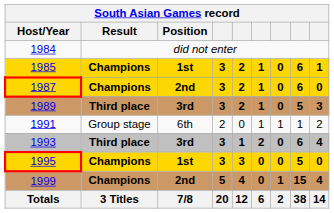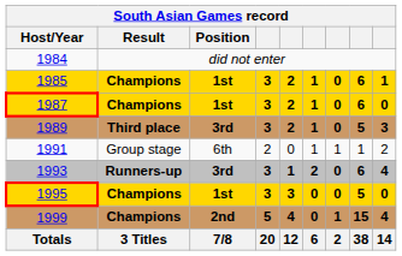 <table class="wikitable" style="text-align:center">
 <tr>
 <th colspan="9"><a href='#'>South Asian Games</a> record</th>
 </tr>
 <tr>
 <th style="width:100px;">Host/Year</th>
 <th style="width:100px;">Result</th>
 <th style="width:70px;">Position</th>
 <th style="width:20px;"></th>
 <th style="width:20px;"></th>
 <th style="width:20px;"></th>
 <th style="width:20px;"></th>
 <th style="width:20px;"></th>
 <th style="width:20px;"></th>
 </tr>
 <tr>
 <td> <a href='#'>1984</a></td>
 <td colspan="8"><em>did not enter</em></td>
 </tr>
 <tr style="background:gold;">
 <td> <a href='#'>1985</a></td>
 <td><strong>Champions</strong></td>
 <td><strong>1st</strong></td>
 <td><strong>3</strong></td>
 <td><strong>2</strong></td>
 <td><strong>1</strong></td>
 <td><strong>0</strong></td>
 <td><strong>6</strong></td>
 <td><strong>1</strong></td>
 </tr>
 <tr style="background:gold;">
 <td style="border:3px solid red"> <a href='#'>1987</a></td>
 <td><strong>Champions</strong></td>
-<td><strong>2nd</strong></td>
+<td><strong>1st</strong></td>
 <td><strong>3</strong></td>
 <td><strong>2</strong></td>
 <td><strong>1</strong></td>
 <td><strong>0</strong></td>
 <td><strong>6</strong></td>
 <td><strong>0</strong></td>
 </tr>
 <tr style="background:#c96">
 <td> <a href='#'>1989</a></td>
 <td><strong>Third place</strong></td>
 <td><strong>3rd</strong></td>
 <td><strong>3</strong></td>
 <td><strong>2</strong></td>
 <td><strong>1</strong></td>
 <td><strong>0</strong></td>
 <td><strong>5</strong></td>
 <td><strong>3</strong></td>
 </tr>
 <tr>
 <td> <a href='#'>1991</a></td>
 <td>Group stage</td>
 <td>6th</td>
 <td>2</td>
 <td>0</td>
 <td>1</td>
 <td>1</td>
 <td>1</td>
 <td>2</td>
 </tr>
 <tr style="background:silver;">
 <td> <a href='#'>1993</a></td>
-<td><strong>Third place</strong></td>
+<td><strong>Runners-up</strong></td>
 <td><strong>3rd</strong></td>
 <td><strong>3</strong></td>
 <td><strong>1</strong></td>
 <td><strong>2</strong></td>
 <td><strong>0</strong></td>
 <td><strong>6</strong></td>
 <td><strong>4</strong></td>
 </tr>
 <tr style="background:gold;">
 <td style="border: 3px solid red"> <a href='#'>1995</a></td>
 <td><strong>Champions</strong></td>
 <td><strong>1st</strong></td>
 <td><strong>3</strong></td>
 <td><strong>3</strong></td>
 <td><strong>0</strong></td>
 <td><strong>0</strong></td>
 <td><strong>5</strong></td>
 <td><strong>0</strong></td>
 </tr>
 <tr style="background:#c96;">
 <td> <a href='#'>1999</a></td>
 <td><strong>Champions</strong></td>
 <td><strong>2nd</strong></td>
 <td><strong>5</strong></td>
 <td><strong>4</strong></td>
 <td><strong>0</strong></td>
 <td><strong>1</strong></td>
 <td><strong>15</strong></td>
 <td><strong>4</strong></td>
 </tr>
 <tr>
 <th>Totals</th>
 <th>3 Titles</th>
 <th>7/8</th>
 <th>20</th>
 <th>12</th>
 <th>6</th>
 <th>2</th>
 <th>38</th>
 <th>14</th>
 </tr>
 </table>
